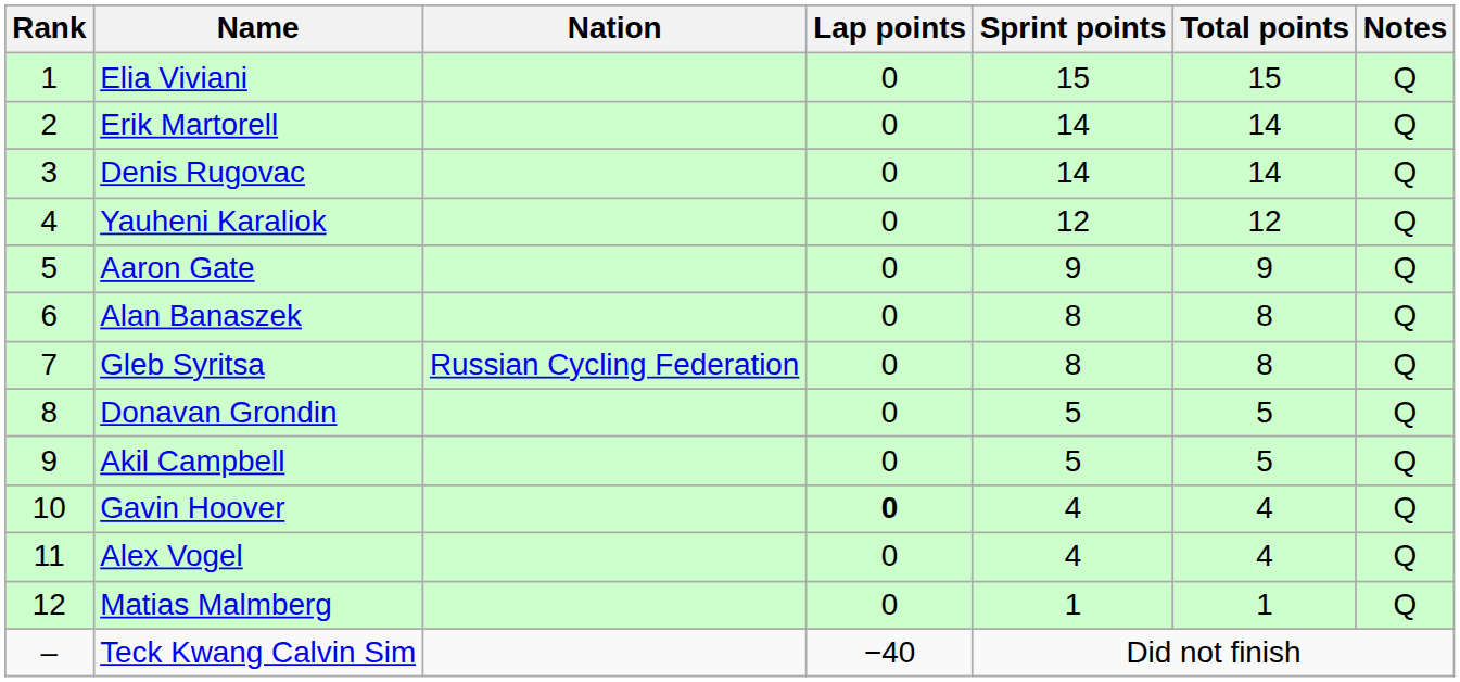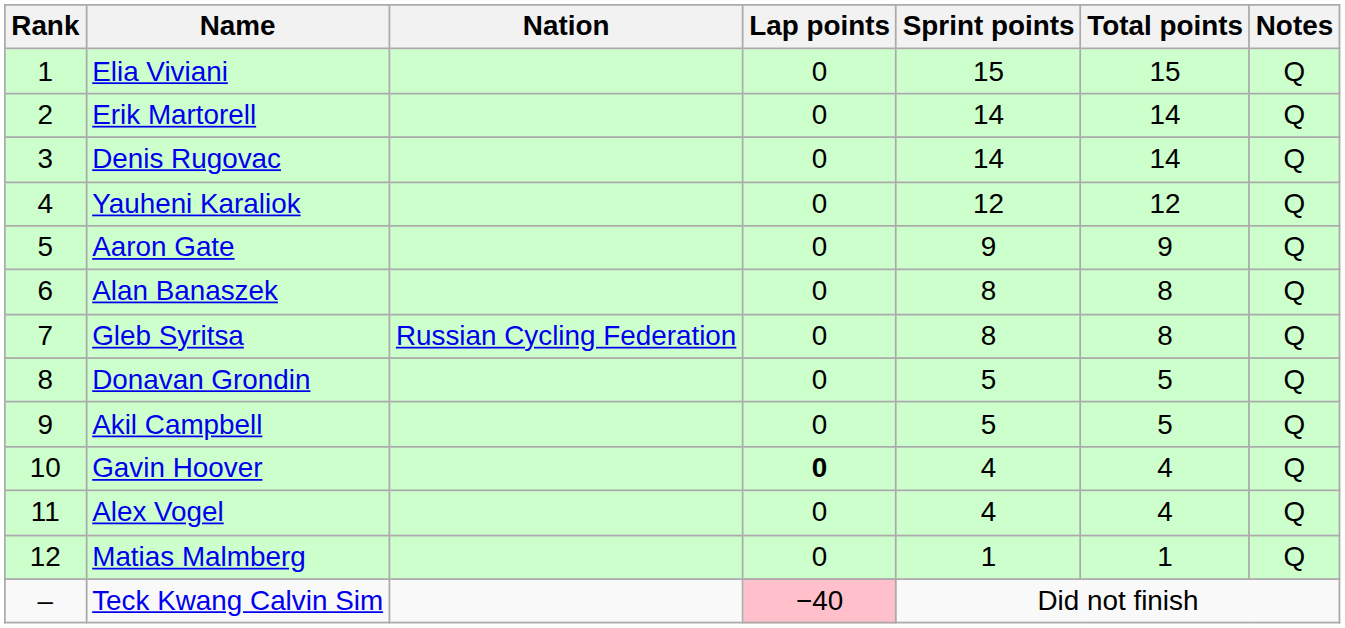 <table class="wikitable sortable" style="text-align:center">
 <tr>
 <th>Rank</th>
 <th>Name</th>
 <th>Nation</th>
 <th>Lap points</th>
 <th>Sprint points</th>
 <th>Total points</th>
 <th>Notes</th>
 </tr>
 <tr bgcolor=ccffcc>
 <td>1</td>
 <td align=left><a href='#'>Elia Viviani</a></td>
 <td align=left></td>
 <td>0</td>
 <td>15</td>
 <td>15</td>
 <td>Q</td>
 </tr>
 <tr bgcolor=ccffcc>
 <td>2</td>
 <td align=left><a href='#'>Erik Martorell</a></td>
 <td align=left></td>
 <td>0</td>
 <td>14</td>
 <td>14</td>
 <td>Q</td>
 </tr>
 <tr bgcolor=ccffcc>
 <td>3</td>
 <td align=left><a href='#'>Denis Rugovac</a></td>
 <td align=left></td>
 <td>0</td>
 <td>14</td>
 <td>14</td>
 <td>Q</td>
 </tr>
 <tr bgcolor=ccffcc>
 <td>4</td>
 <td align=left><a href='#'>Yauheni Karaliok</a></td>
 <td align=left></td>
 <td>0</td>
 <td>12</td>
 <td>12</td>
 <td>Q</td>
 </tr>
 <tr bgcolor=ccffcc>
 <td>5</td>
 <td align=left><a href='#'>Aaron Gate</a></td>
 <td align=left></td>
 <td>0</td>
 <td>9</td>
 <td>9</td>
 <td>Q</td>
 </tr>
 <tr bgcolor=ccffcc>
 <td>6</td>
 <td align=left><a href='#'>Alan Banaszek</a></td>
 <td align=left></td>
 <td>0</td>
 <td>8</td>
 <td>8</td>
 <td>Q</td>
 </tr>
 <tr bgcolor=ccffcc>
 <td>7</td>
 <td align=left><a href='#'>Gleb Syritsa</a></td>
 <td align=left><a href='#'>Russian Cycling Federation</a></td>
 <td>0</td>
 <td>8</td>
 <td>8</td>
 <td>Q</td>
 </tr>
 <tr bgcolor=ccffcc>
 <td>8</td>
 <td align=left><a href='#'>Donavan Grondin</a></td>
 <td align=left></td>
 <td>0</td>
 <td>5</td>
 <td>5</td>
 <td>Q</td>
 </tr>
 <tr bgcolor=ccffcc>
 <td>9</td>
 <td align=left><a href='#'>Akil Campbell</a></td>
 <td align=left></td>
 <td>0</td>
 <td>5</td>
 <td>5</td>
 <td>Q</td>
 </tr>
 <tr bgcolor=ccffcc>
 <td>10</td>
 <td align=left><a href='#'>Gavin Hoover</a></td>
 <td align=left></td>
 <td><strong>0</strong></td>
 <td>4</td>
 <td>4</td>
 <td>Q</td>
 </tr>
 <tr bgcolor=ccffcc>
 <td>11</td>
 <td align=left><a href='#'>Alex Vogel</a></td>
 <td align=left></td>
 <td>0</td>
 <td>4</td>
 <td>4</td>
 <td>Q</td>
 </tr>
 <tr bgcolor=ccffcc>
 <td>12</td>
 <td align=left><a href='#'>Matias Malmberg</a></td>
 <td align=left></td>
 <td>0</td>
 <td>1</td>
 <td>1</td>
 <td>Q</td>
 </tr>
 <tr>
 <td>–</td>
 <td align=left><a href='#'>Teck Kwang Calvin Sim</a></td>
 <td align=left></td>
-<td>−40</td>
+<td style="background: pink;">−40</td>
 <td colspan=3>Did not finish</td>
 </tr>
 </table>
